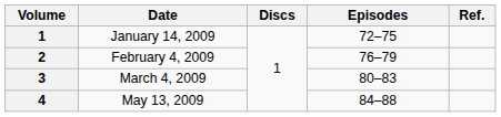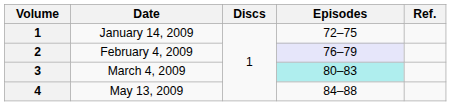 <table class="wikitable" style="text-align:center;">
 <tr>
 <th scope="col" style="width:5em;">Volume</th>
 <th scope="col" style="width:12em;">Date</th>
 <th scope="col" style="width:4em;">Discs</th>
 <th scope="col" style="width:10em;">Episodes</th>
 <th scope="col" style="width:3em;">Ref.</th>
 </tr>
 <tr>
 <th scope="row">1</th>
 <td>January 14, 2009</td>
 <td rowspan="4">1</td>
 <td>72–75</td>
 <td></td>
 </tr>
 <tr>
 <th scope="row">2</th>
 <td>February 4, 2009</td>
-<td>76–79</td>
+<td style="background: lavender;">76–79</td>
 <td></td>
 </tr>
 <tr>
 <th scope="row">3</th>
 <td>March 4, 2009</td>
-<td>80–83</td>
+<td style="background: paleturquoise;">80–83</td>
 <td></td>
 </tr>
 <tr>
 <th scope="row">4</th>
 <td>May 13, 2009</td>
 <td>84–88</td>
 <td></td>
 </tr>
 </table>
